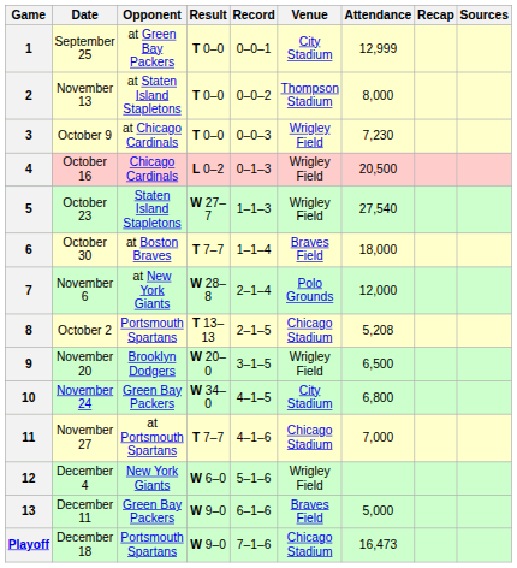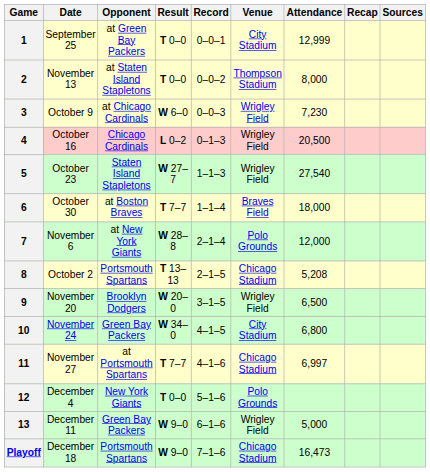 <table class="wikitable" style="text-align:center">
 <tr>
 <th>Game</th>
 <th>Date</th>
 <th>Opponent</th>
 <th>Result</th>
 <th>Record</th>
 <th>Venue</th>
 <th>Attendance</th>
 <th>Recap</th>
 <th>Sources</th>
 </tr>
 <tr style="background:#ffc">
 <th>1</th>
 <td>September 25</td>
 <td>at <a href='#'>Green Bay Packers</a></td>
 <td><strong>T</strong> 0–0</td>
 <td>0–0–1</td>
 <td><a href='#'>City Stadium</a></td>
 <td>12,999</td>
 <td></td>
 <td></td>
 </tr>
 <tr style="background:#ffc">
 <th>2</th>
 <td>November 13</td>
 <td>at <a href='#'>Staten Island Stapletons</a></td>
 <td><strong>T</strong> 0–0</td>
 <td>0–0–2</td>
 <td><a href='#'>Thompson Stadium</a></td>
 <td>8,000</td>
 <td></td>
 <td></td>
 </tr>
 <tr style="background:#ffc">
 <th>3</th>
 <td>October 9</td>
 <td>at <a href='#'>Chicago Cardinals</a></td>
-<td><strong>T</strong> 0–0</td>
+<td><strong>W</strong> 6–0</td>
 <td>0–0–3</td>
 <td><a href='#'>Wrigley Field</a></td>
 <td>7,230</td>
 <td></td>
 <td></td>
 </tr>
 <tr style="background:#fcc">
 <th>4</th>
 <td>October 16</td>
 <td><a href='#'>Chicago Cardinals</a></td>
 <td><strong>L</strong> 0–2</td>
 <td>0–1–3</td>
 <td>Wrigley Field</td>
 <td>20,500</td>
 <td></td>
 <td></td>
 </tr>
 <tr style="background:#cfc">
 <th>5</th>
 <td>October 23</td>
 <td><a href='#'>Staten Island Stapletons</a></td>
 <td><strong>W</strong> 27–7</td>
 <td>1–1–3</td>
 <td>Wrigley Field</td>
 <td>27,540</td>
 <td></td>
 <td></td>
 </tr>
 <tr style="background:#ffc">
 <th>6</th>
 <td>October 30</td>
 <td>at <a href='#'>Boston Braves</a></td>
 <td><strong>T</strong> 7–7</td>
 <td>1–1–4</td>
 <td><a href='#'>Braves Field</a></td>
 <td>18,000</td>
 <td></td>
 <td></td>
 </tr>
 <tr style="background:#cfc">
 <th>7</th>
 <td>November 6</td>
 <td>at <a href='#'>New York Giants</a></td>
 <td><strong>W</strong> 28–8</td>
 <td>2–1–4</td>
 <td><a href='#'>Polo Grounds</a></td>
 <td>12,000</td>
 <td></td>
 <td></td>
 </tr>
 <tr style="background:#ffc">
 <th>8</th>
 <td>October 2</td>
 <td><a href='#'>Portsmouth Spartans</a></td>
 <td><strong>T</strong> 13–13</td>
 <td>2–1–5</td>
 <td><a href='#'>Chicago Stadium</a></td>
 <td>5,208</td>
 <td></td>
 <td></td>
 </tr>
 <tr style="background:#cfc">
 <th>9</th>
 <td>November 20</td>
 <td><a href='#'>Brooklyn Dodgers</a></td>
 <td><strong>W</strong> 20–0</td>
 <td>3–1–5</td>
 <td>Wrigley Field</td>
 <td>6,500</td>
 <td></td>
 <td></td>
 </tr>
 <tr style="background:#cfc">
 <th>10</th>
 <td><a href='#'>November 24</a></td>
 <td><a href='#'>Green Bay Packers</a></td>
 <td><strong>W</strong> 34–0</td>
 <td>4–1–5</td>
 <td><a href='#'>City Stadium</a></td>
 <td>6,800</td>
 <td></td>
 <td></td>
 </tr>
 <tr style="background:#ffc">
 <th>11</th>
 <td>November 27</td>
 <td>at <a href='#'>Portsmouth Spartans</a></td>
 <td><strong>T</strong> 7–7</td>
 <td>4–1–6</td>
 <td><a href='#'>Chicago Stadium</a></td>
-<td>7,000</td>
+<td>6,997</td>
 <td></td>
 <td></td>
 </tr>
 <tr style="background:#cfc">
 <th>12</th>
 <td>December 4</td>
 <td><a href='#'>New York Giants</a></td>
-<td><strong>W</strong> 6–0</td>
+<td><strong>T</strong> 0–0</td>
 <td>5–1–6</td>
-<td>Wrigley Field</td>
+<td><a href='#'>Polo Grounds</a></td>
 <td></td>
 <td></td>
 <td></td>
 </tr>
 <tr style="background:#cfc">
 <th>13</th>
 <td>December 11</td>
 <td><a href='#'>Green Bay Packers</a></td>
 <td><strong>W</strong> 9–0</td>
 <td>6–1–6</td>
-<td><a href='#'>Braves Field</a></td>
+<td>Wrigley Field</td>
 <td>5,000</td>
 <td></td>
 <td></td>
 </tr>
 <tr style="background:#cfc">
 <th><a href='#'>Playoff</a></th>
 <td>December 18</td>
 <td><a href='#'>Portsmouth Spartans</a></td>
 <td><strong>W</strong> 9–0</td>
 <td>7–1–6</td>
 <td><a href='#'>Chicago Stadium</a></td>
 <td>16,473</td>
 <td></td>
 <td></td>
 </tr>
 </table>
